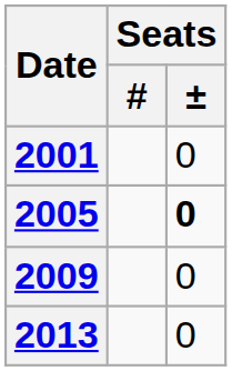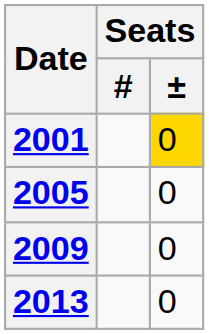 <table class="wikitable">
 <tr>
 <th rowspan="2">Date</th>
 <th colspan="2">Seats</th>
 </tr>
 <tr>
 <th>#</th>
 <th>±</th>
 </tr>
 <tr>
 <th><a href='#'>2001</a></th>
 <td></td>
-<td> 0</td>
+<td style="background: gold;"> 0</td>
 </tr>
 <tr>
 <th><a href='#'>2005</a></th>
 <td></td>
-<td><strong> 0</strong></td>
+<td> 0</td>
 </tr>
 <tr>
 <th><a href='#'>2009</a></th>
 <td></td>
 <td> 0</td>
 </tr>
 <tr>
 <th><a href='#'>2013</a></th>
 <td></td>
 <td> 0</td>
 </tr>
 </table>
